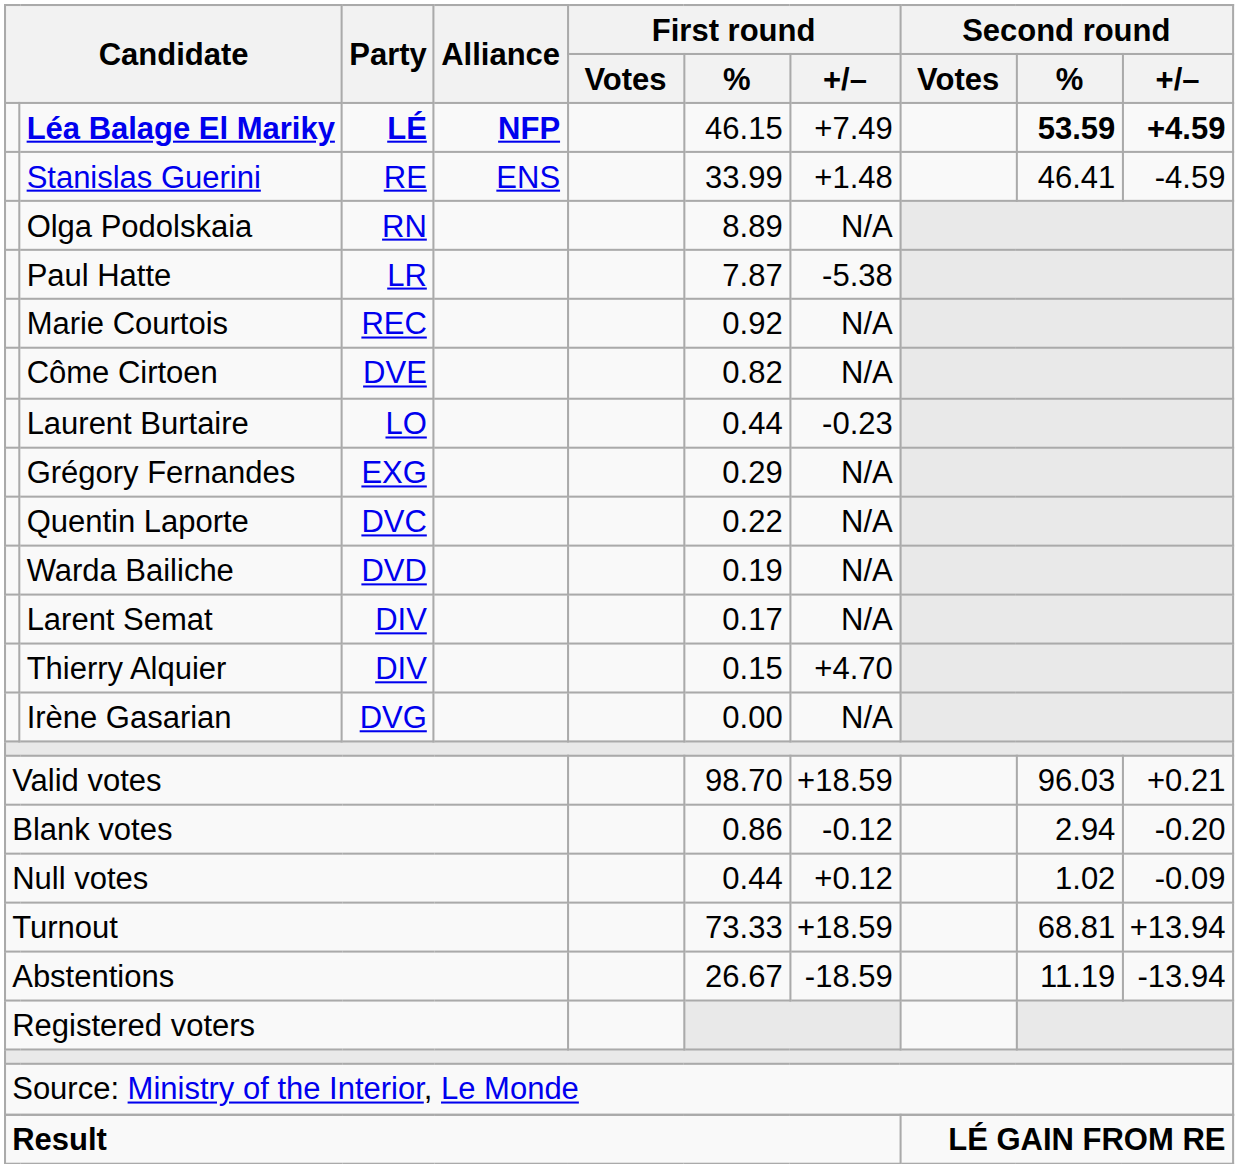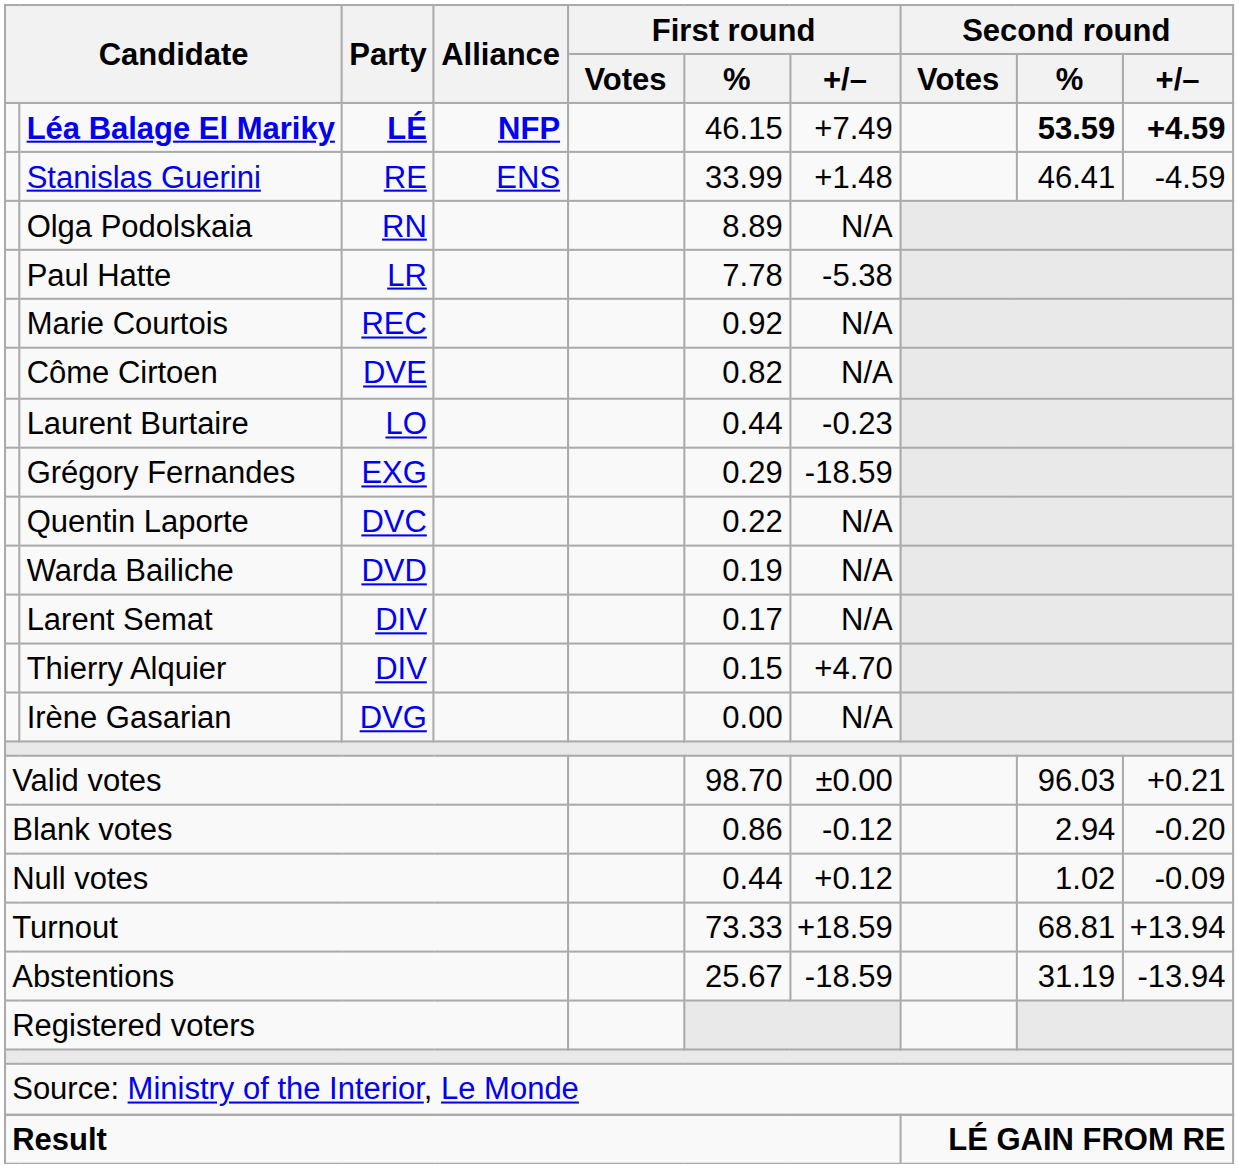 <table class="wikitable" style="text-align:right;font-size:95%;">
 <tr>
 <th rowspan="2" colspan="2">Candidate</th>
 <th rowspan="2">Party</th>
 <th rowspan="2">Alliance</th>
 <th colspan="3">First round</th>
 <th colspan="3">Second round</th>
 </tr>
 <tr>
 <th style="width:50px;">Votes</th>
 <th style="width:45px;">%</th>
 <th style="width:45px;">+/–</th>
 <th style="width:50px;">Votes</th>
 <th style="width:45px;">%</th>
 <th style="width:45px;">+/–</th>
 </tr>
 <tr>
 <td style="color:inherit;background:"></td>
 <td style="text-align:left;"><strong><a href='#'>Léa Balage El Mariky</a></strong></td>
 <td><a href='#'><strong>LÉ</strong></a></td>
 <td><a href='#'><strong>NFP</strong></a></td>
 <td></td>
 <td>46.15</td>
 <td>+7.49</td>
 <td><strong></strong></td>
 <td><strong>53.59</strong></td>
 <td><strong>+4.59</strong></td>
 </tr>
 <tr>
 <td style="color:inherit;background:"></td>
 <td style="text-align:left;"><a href='#'>Stanislas Guerini</a></td>
 <td><a href='#'>RE</a></td>
 <td><a href='#'>ENS</a></td>
 <td></td>
 <td>33.99</td>
 <td>+1.48</td>
 <td></td>
 <td>46.41</td>
 <td>-4.59</td>
 </tr>
 <tr>
 <td style="color:inherit;background:"></td>
 <td style="text-align:left;">Olga Podolskaia</td>
 <td><a href='#'>RN</a></td>
 <td></td>
 <td></td>
 <td>8.89</td>
 <td>N/A</td>
 <td colspan="3" style="background:#E9E9E9;"></td>
 </tr>
 <tr>
 <td style="color:inherit;background:"></td>
 <td style="text-align:left;">Paul Hatte</td>
 <td><a href='#'>LR</a></td>
 <td></td>
 <td></td>
-<td>7.87</td>
+<td>7.78</td>
 <td>-5.38</td>
 <td colspan="3" style="background:#E9E9E9;"></td>
 </tr>
 <tr>
 <td style="color:inherit;background:"></td>
 <td style="text-align:left;">Marie Courtois</td>
 <td><a href='#'>REC</a></td>
 <td></td>
 <td></td>
 <td>0.92</td>
 <td>N/A</td>
 <td colspan="3" style="background:#E9E9E9;"></td>
 </tr>
 <tr>
 <td style="color:inherit;background:"></td>
 <td style="text-align:left;">Côme Cirtoen</td>
 <td><a href='#'>DVE</a></td>
 <td></td>
 <td></td>
 <td>0.82</td>
 <td>N/A</td>
 <td colspan="3" style="background:#E9E9E9;"></td>
 </tr>
 <tr>
 <td style="color:inherit;background:"></td>
 <td style="text-align:left;">Laurent Burtaire</td>
 <td><a href='#'>LO</a></td>
 <td></td>
 <td></td>
 <td>0.44</td>
 <td>-0.23</td>
 <td colspan="3" style="background:#E9E9E9;"></td>
 </tr>
 <tr>
 <td style="color:inherit;background:"></td>
 <td style="text-align:left;">Grégory Fernandes</td>
 <td><a href='#'>EXG</a></td>
 <td></td>
 <td></td>
 <td>0.29</td>
-<td>N/A</td>
+<td>-18.59</td>
 <td colspan="3" style="background:#E9E9E9;"></td>
 </tr>
 <tr>
 <td style="color:inherit;background:"></td>
 <td style="text-align:left;">Quentin Laporte</td>
 <td><a href='#'>DVC</a></td>
 <td></td>
 <td></td>
 <td>0.22</td>
 <td>N/A</td>
 <td colspan="3" style="background:#E9E9E9;"></td>
 </tr>
 <tr>
 <td style="color:inherit;background:"></td>
 <td style="text-align:left;">Warda Bailiche</td>
 <td><a href='#'>DVD</a></td>
 <td></td>
 <td></td>
 <td>0.19</td>
 <td>N/A</td>
 <td colspan="3" style="background:#E9E9E9;"></td>
 </tr>
 <tr>
 <td style="color:inherit;background:"></td>
 <td style="text-align:left;">Larent Semat</td>
 <td><a href='#'>DIV</a></td>
 <td></td>
 <td></td>
 <td>0.17</td>
 <td>N/A</td>
 <td colspan="3" style="background:#E9E9E9;"></td>
 </tr>
 <tr>
 <td style="color:inherit;background:"></td>
 <td style="text-align:left;">Thierry Alquier</td>
 <td><a href='#'>DIV</a></td>
 <td></td>
 <td></td>
 <td>0.15</td>
 <td>+4.70</td>
 <td colspan="3" style="background:#E9E9E9;"></td>
 </tr>
 <tr>
 <td style="color:inherit;background:"></td>
 <td style="text-align:left;">Irène Gasarian</td>
 <td><a href='#'>DVG</a></td>
 <td></td>
 <td></td>
 <td>0.00</td>
 <td>N/A</td>
 <td colspan="3" style="background:#E9E9E9;"></td>
 </tr>
 <tr>
 <td colspan="10" style="background:#E9E9E9;"></td>
 </tr>
 <tr>
 <td colspan="4" style="text-align:left;">Valid votes</td>
 <td></td>
 <td>98.70</td>
-<td>+18.59</td>
+<td>±0.00</td>
 <td></td>
 <td>96.03</td>
 <td>+0.21</td>
 </tr>
 <tr>
 <td colspan="4" style="text-align:left;">Blank votes</td>
 <td></td>
 <td>0.86</td>
 <td>-0.12</td>
 <td></td>
 <td>2.94</td>
 <td>-0.20</td>
 </tr>
 <tr>
 <td colspan="4" style="text-align:left;">Null votes</td>
 <td></td>
 <td>0.44</td>
 <td>+0.12</td>
 <td></td>
 <td>1.02</td>
 <td>-0.09</td>
 </tr>
 <tr>
 <td colspan="4" style="text-align:left;">Turnout</td>
 <td></td>
 <td>73.33</td>
 <td>+18.59</td>
 <td></td>
 <td>68.81</td>
 <td>+13.94</td>
 </tr>
 <tr>
 <td colspan="4" style="text-align:left;">Abstentions</td>
 <td></td>
-<td>26.67</td>
+<td>25.67</td>
 <td>-18.59</td>
 <td></td>
-<td>11.19</td>
+<td>31.19</td>
 <td>-13.94</td>
 </tr>
 <tr>
 <td colspan="4" style="text-align:left;">Registered voters</td>
 <td></td>
 <td colspan="2" style="background:#E9E9E9;"></td>
 <td></td>
 <td colspan="2" style="background:#E9E9E9;"></td>
 </tr>
 <tr>
 <td colspan="10" style="background:#E9E9E9;"></td>
 </tr>
 <tr>
 <td colspan="10" style="text-align:left;">Source: <a href='#'>Ministry of the Interior</a>, <a href='#'>Le Monde</a></td>
 </tr>
 <tr>
 </tr>
 <tr style="font-weight:bold">
 <td colspan="7" style="text-align:left;">Result</td>
 <td colspan="7" style="background-color:">LÉ GAIN FROM RE</td>
 </tr>
 </table>
